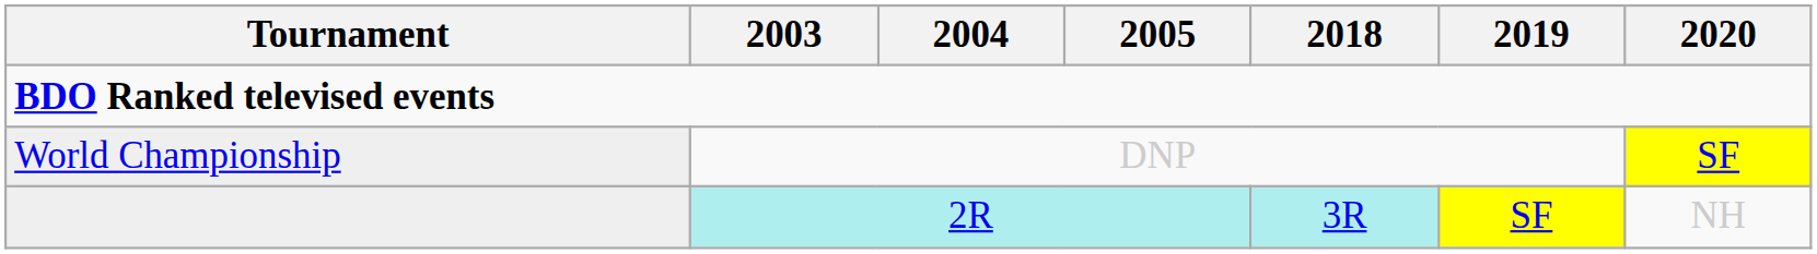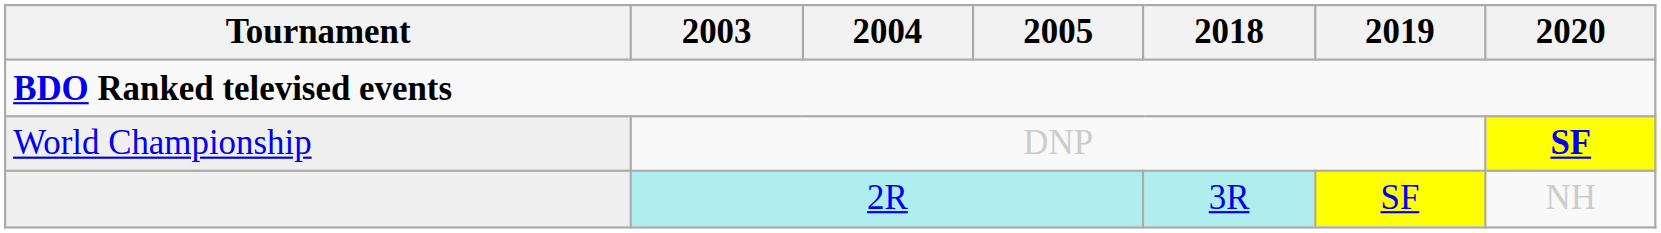 <table class="wikitable" style="width:60%; margin:0">
 <tr>
 <th>Tournament</th>
 <th>2003</th>
 <th>2004</th>
 <th>2005</th>
 <th>2018</th>
 <th>2019</th>
 <th>2020</th>
 </tr>
 <tr>
 <td colspan="7" align="left"><strong><a href='#'>BDO</a> Ranked televised events</strong></td>
 </tr>
 <tr>
 <td style="background:#efefef;"><a href='#'>World Championship</a></td>
 <td colspan="5" style="text-align:center; color:#ccc;">DNP</td>
-<td style="text-align:center; background:yellow;"><a href='#'>SF</a></td>
+<td style="text-align:center; background:yellow;"><strong><a href='#'>SF</a></strong></td>
 </tr>
 <tr>
 <td style="background:#efefef;" align=left></td>
 <td colspan="3" style="text-align:center; background:#afeeee;"><a href='#'>2R</a></td>
 <td style="text-align:center; background:#afeeee;"><a href='#'>3R</a></td>
 <td style="text-align:center; background:yellow;"><a href='#'>SF</a></td>
 <td style="text-align:center; color:#ccc;">NH</td>
 </tr>
 </table>
